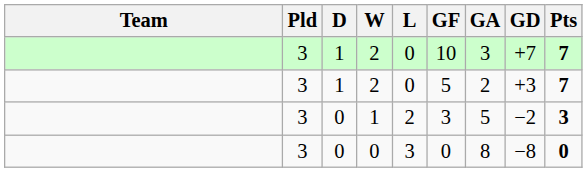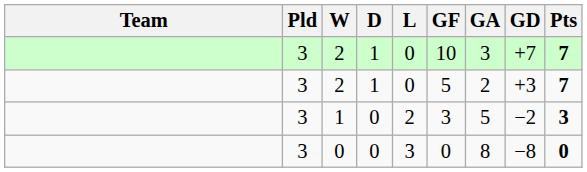 <table class=wikitable style="text-align:center">
 <tr>
 <th width=210>Team</th>
 <th width=20>Pld</th>
+<th width=20>W</th>
 <th width=20>D</th>
-<th width=20>W</th>
 <th width=20>L</th>
 <th width=20>GF</th>
 <th width=20>GA</th>
 <th width=20>GD</th>
 <th width=20>Pts</th>
 </tr>
 <tr style="background:#ccffcc">
 <td align="left"></td>
 <td>3</td>
+<td>2</td>
 <td>1</td>
-<td>2</td>
 <td>0</td>
 <td>10</td>
 <td>3</td>
 <td>+7</td>
 <td><strong>7</strong></td>
 </tr>
 <tr>
 <td align="left"></td>
 <td>3</td>
+<td>2</td>
 <td>1</td>
-<td>2</td>
 <td>0</td>
 <td>5</td>
 <td>2</td>
 <td>+3</td>
 <td><strong>7</strong></td>
 </tr>
 <tr>
 <td align="left"></td>
 <td>3</td>
+<td>1</td>
 <td>0</td>
-<td>1</td>
 <td>2</td>
 <td>3</td>
 <td>5</td>
 <td>−2</td>
 <td><strong>3</strong></td>
 </tr>
 <tr>
 <td align="left"></td>
 <td>3</td>
 <td>0</td>
 <td>0</td>
 <td>3</td>
 <td>0</td>
 <td>8</td>
 <td>−8</td>
 <td><strong>0</strong></td>
 </tr>
 </table>
